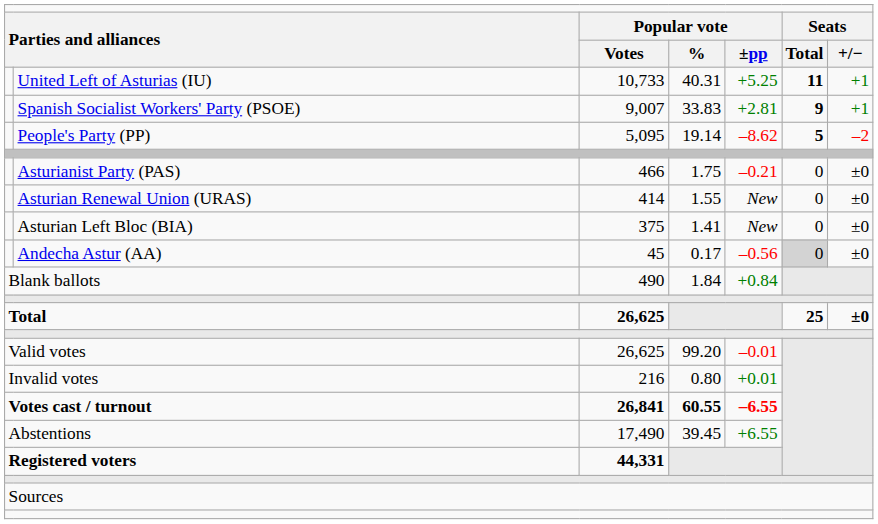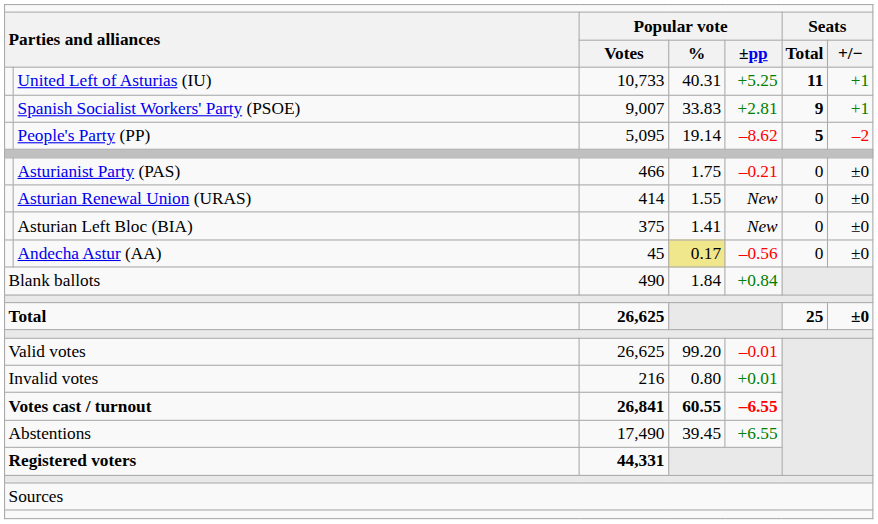 <table class="wikitable" style="text-align:right;">
 <tr>
 <td colspan="7"></td>
 </tr>
 <tr>
 <th style="text-align:left;" rowspan="2" colspan="2" width="525">Parties and alliances</th>
 <th colspan="3">Popular vote</th>
 <th colspan="2">Seats</th>
 </tr>
 <tr>
 <th width="75">Votes</th>
 <th width="45">%</th>
 <th width="45">±<a href='#'>pp</a></th>
 <th width="35">Total</th>
 <th width="35">+/−</th>
 </tr>
 <tr>
 <td width="1" style="color:inherit;background:"></td>
 <td align="left"><a href='#'>United Left of Asturias</a> (IU)</td>
 <td>10,733</td>
 <td>40.31</td>
 <td style="color:green;">+5.25</td>
 <td><strong>11</strong></td>
 <td style="color:green;">+1</td>
 </tr>
 <tr>
 <td style="color:inherit;background:"></td>
 <td align="left"><a href='#'>Spanish Socialist Workers' Party</a> (PSOE)</td>
 <td>9,007</td>
 <td>33.83</td>
 <td style="color:green;">+2.81</td>
 <td><strong>9</strong></td>
 <td style="color:green;">+1</td>
 </tr>
 <tr>
 <td style="color:inherit;background:"></td>
 <td align="left"><a href='#'>People's Party</a> (PP)</td>
 <td>5,095</td>
 <td>19.14</td>
 <td style="color:red;">–8.62</td>
 <td><strong>5</strong></td>
 <td style="color:red;">–2</td>
 </tr>
 <tr>
 <td colspan="7" bgcolor="#C0C0C0"></td>
 </tr>
 <tr>
 <td style="color:inherit;background:"></td>
 <td align="left"><a href='#'>Asturianist Party</a> (PAS)</td>
 <td>466</td>
 <td>1.75</td>
 <td style="color:red;">–0.21</td>
 <td>0</td>
 <td>±0</td>
 </tr>
 <tr>
 <td style="color:inherit;background:"></td>
 <td align="left"><a href='#'>Asturian Renewal Union</a> (URAS)</td>
 <td>414</td>
 <td>1.55</td>
 <td><em>New</em></td>
 <td>0</td>
 <td>±0</td>
 </tr>
 <tr>
 <td style="color:inherit;background:"></td>
 <td align="left">Asturian Left Bloc (BIA)</td>
 <td>375</td>
 <td>1.41</td>
 <td><em>New</em></td>
 <td>0</td>
 <td>±0</td>
 </tr>
 <tr>
 <td style="color:inherit;background:"></td>
 <td align="left"><a href='#'>Andecha Astur</a> (AA)</td>
 <td>45</td>
-<td>0.17</td>
+<td style="background: khaki;">0.17</td>
 <td style="color:red;">–0.56</td>
-<td style="background: lightgrey;">0</td>
+<td>0</td>
 <td>±0</td>
 </tr>
 <tr>
 <td align="left" colspan="2">Blank ballots</td>
 <td>490</td>
 <td>1.84</td>
 <td style="color:green;">+0.84</td>
 <td bgcolor="#E9E9E9" colspan="2"></td>
 </tr>
 <tr>
 <td colspan="7" bgcolor="#E9E9E9"></td>
 </tr>
 <tr style="font-weight:bold;">
 <td align="left" colspan="2">Total</td>
 <td>26,625</td>
 <td bgcolor="#E9E9E9" colspan="2"></td>
 <td>25</td>
 <td>±0</td>
 </tr>
 <tr>
 <td colspan="7" bgcolor="#E9E9E9"></td>
 </tr>
 <tr>
 <td align="left" colspan="2">Valid votes</td>
 <td>26,625</td>
 <td>99.20</td>
 <td style="color:red;">–0.01</td>
 <td bgcolor="#E9E9E9" colspan="2" rowspan="5"></td>
 </tr>
 <tr>
 <td align="left" colspan="2">Invalid votes</td>
 <td>216</td>
 <td>0.80</td>
 <td style="color:green;">+0.01</td>
 </tr>
 <tr style="font-weight:bold;">
 <td align="left" colspan="2">Votes cast / turnout</td>
 <td>26,841</td>
 <td>60.55</td>
 <td style="color:red;">–6.55</td>
 </tr>
 <tr>
 <td align="left" colspan="2">Abstentions</td>
 <td>17,490</td>
 <td>39.45</td>
 <td style="color:green;">+6.55</td>
 </tr>
 <tr style="font-weight:bold;">
 <td align="left" colspan="2">Registered voters</td>
 <td>44,331</td>
 <td bgcolor="#E9E9E9" colspan="2"></td>
 </tr>
 <tr>
 <td colspan="7" bgcolor="#E9E9E9"></td>
 </tr>
 <tr>
 <td align="left" colspan="7">Sources</td>
 </tr>
 <tr>
 <td colspan="7" style="text-align:left; max-width:790px;"></td>
 </tr>
 </table>
